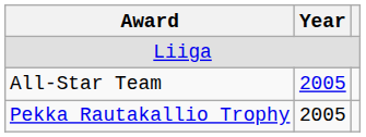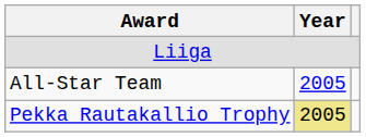 <table class="wikitable">
 <tr>
 <th>Award</th>
 <th>Year</th>
 <th></th>
 </tr>
 <tr ALIGN="center" bgcolor="#e0e0e0">
 <td colspan="3"><a href='#'>Liiga</a></td>
 </tr>
 <tr>
 <td>All-Star Team</td>
 <td><a href='#'>2005</a></td>
 <td></td>
 </tr>
 <tr>
 <td><a href='#'>Pekka Rautakallio Trophy</a></td>
-<td>2005</td>
+<td style="background: khaki;">2005</td>
 <td></td>
 </tr>
 </table>
